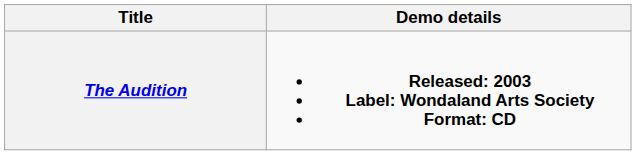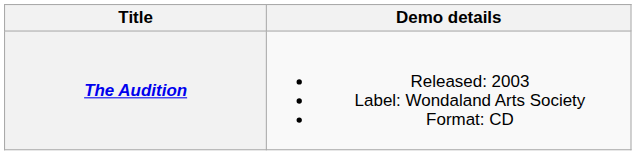 <table class="wikitable plainrowheaders" style="text-align:center;">
 <tr>
 <th scope="col" style="width:15em;">Title</th>
 <th scope="col" style="width:21em;">Demo details</th>
 </tr>
 <tr>
 <th scope="row"><em><a href='#'>The Audition</a></em></th>
-<td><strong><br><ul><li>Released: 2003</li><li>Label: Wondaland Arts Society</li><li>Format: CD</li></ul></strong></td>
+<td><br><ul><li>Released: 2003</li><li>Label: Wondaland Arts Society</li><li>Format: CD</li></ul></td>
 </tr>
 </table>
